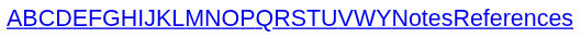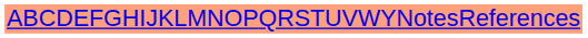 <table id="toc" class="toc" summary="Class" align="center" style="text-align:center;">
 <tr>
 <th></th>
 </tr>
 <tr>
-<td><a href='#'>A</a><a href='#'>B</a><a href='#'>C</a><a href='#'>D</a><a href='#'>E</a><a href='#'>F</a><a href='#'>G</a><a href='#'>H</a><a href='#'>I</a><a href='#'>J</a><a href='#'>K</a><a href='#'>L</a><a href='#'>M</a><a href='#'>N</a><a href='#'>O</a><a href='#'>P</a><a href='#'>Q</a><a href='#'>R</a><a href='#'>S</a><a href='#'>T</a><a href='#'>U</a><a href='#'>V</a><a href='#'>W</a><a href='#'>Y</a><a href='#'>Notes</a><a href='#'>References</a></td>
+<td style="background: lightsalmon;"><a href='#'>A</a><a href='#'>B</a><a href='#'>C</a><a href='#'>D</a><a href='#'>E</a><a href='#'>F</a><a href='#'>G</a><a href='#'>H</a><a href='#'>I</a><a href='#'>J</a><a href='#'>K</a><a href='#'>L</a><a href='#'>M</a><a href='#'>N</a><a href='#'>O</a><a href='#'>P</a><a href='#'>Q</a><a href='#'>R</a><a href='#'>S</a><a href='#'>T</a><a href='#'>U</a><a href='#'>V</a><a href='#'>W</a><a href='#'>Y</a><a href='#'>Notes</a><a href='#'>References</a></td>
 </tr>
 </table>
